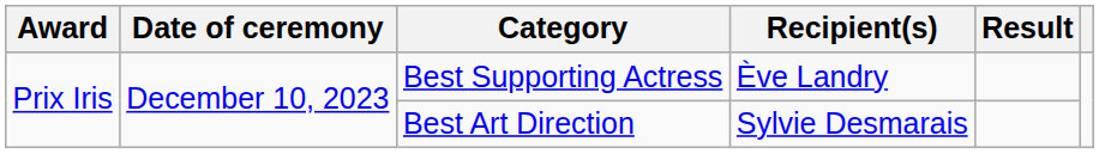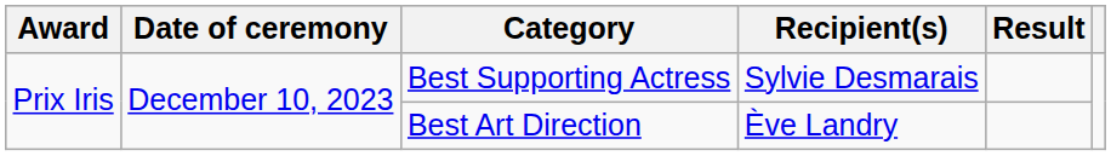 <table class="wikitable plainrowheaders sortable">
 <tr>
 <th scope="col">Award</th>
 <th scope="col">Date of ceremony</th>
 <th scope="col">Category</th>
 <th scope="col">Recipient(s)</th>
 <th scope="col">Result</th>
 <th scope="col" class="unsortable"></th>
 </tr>
 <tr>
 <td rowspan=2><a href='#'>Prix Iris</a></td>
 <td rowspan=2><a href='#'>December 10, 2023</a></td>
 <td><a href='#'>Best Supporting Actress</a></td>
-<td><a href='#'>Ève Landry</a></td>
+<td><a href='#'>Sylvie Desmarais</a></td>
 <td></td>
 <td rowspan=2></td>
 </tr>
 <tr>
 <td><a href='#'>Best Art Direction</a></td>
-<td><a href='#'>Sylvie Desmarais</a></td>
+<td><a href='#'>Ève Landry</a></td>
 <td></td>
 </tr>
 </table>
